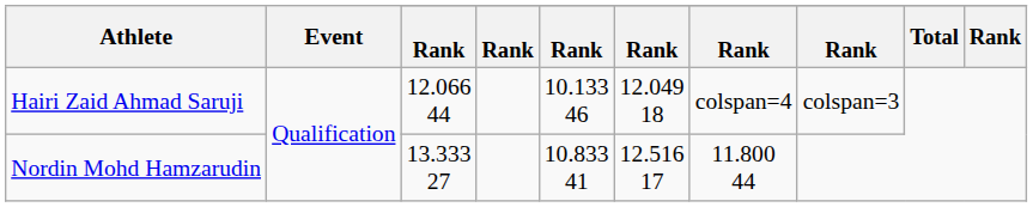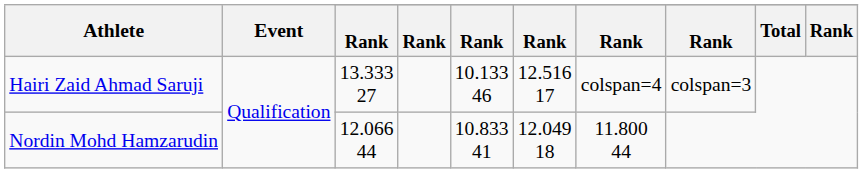 <table class=wikitable style="font-size:90%">
 <tr>
 <th rowspan=2>Athlete</th>
 <th rowspan=2>Event</th>
 </tr>
 <tr style="font-size:95%">
 <th><br>Rank</th>
 <th><br>Rank</th>
 <th><br>Rank</th>
 <th><br>Rank</th>
 <th><br>Rank</th>
 <th><br>Rank</th>
 <th>Total</th>
 <th>Rank</th>
 </tr>
 <tr align=center>
 <td align=left><a href='#'>Hairi Zaid Ahmad Saruji</a></td>
 <td align=left rowspan=2><a href='#'>Qualification</a></td>
-<td>12.066<br>44</td>
+<td>13.333<br>27</td>
 <td></td>
 <td>10.133<br>46</td>
-<td>12.049<br>18</td>
+<td>12.516<br>17</td>
 <td>colspan=4 </td>
 <td>colspan=3 </td>
 </tr>
 <tr align=center>
 <td align=left><a href='#'>Nordin Mohd Hamzarudin</a></td>
-<td>13.333<br>27</td>
+<td>12.066<br>44</td>
 <td></td>
 <td>10.833<br>41</td>
-<td>12.516<br>17</td>
+<td>12.049<br>18</td>
 <td>11.800<br>44</td>
 </tr>
 </table>
